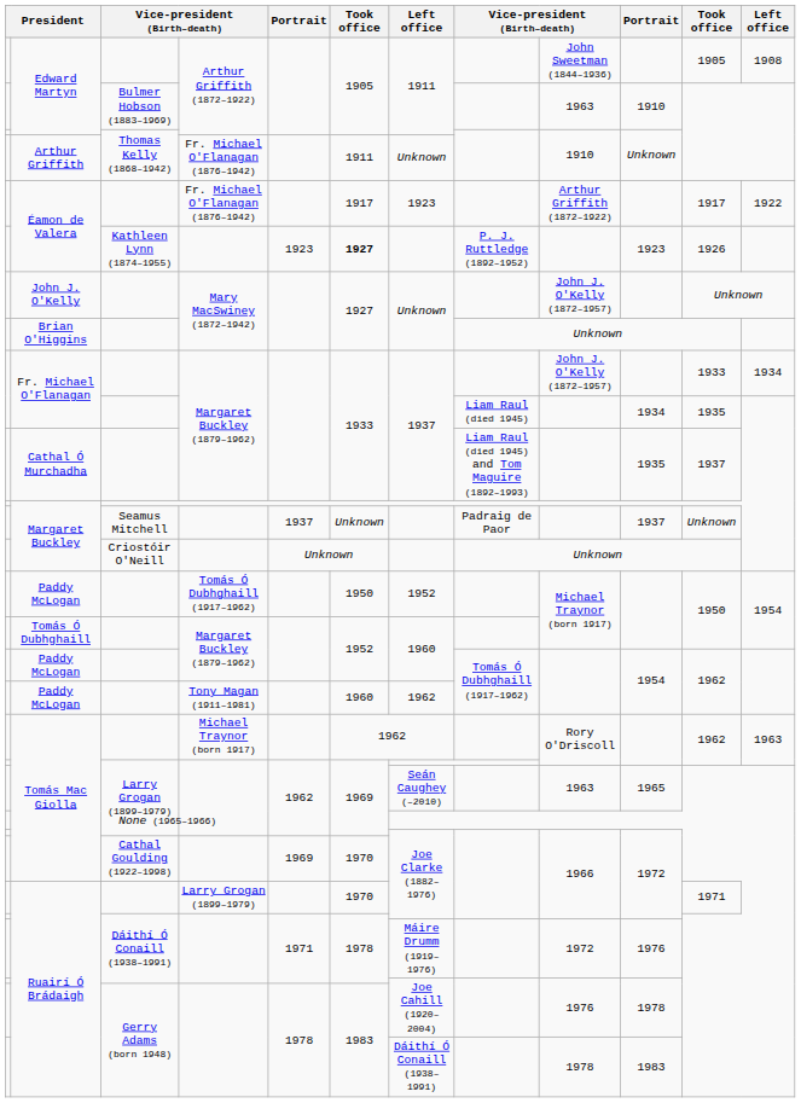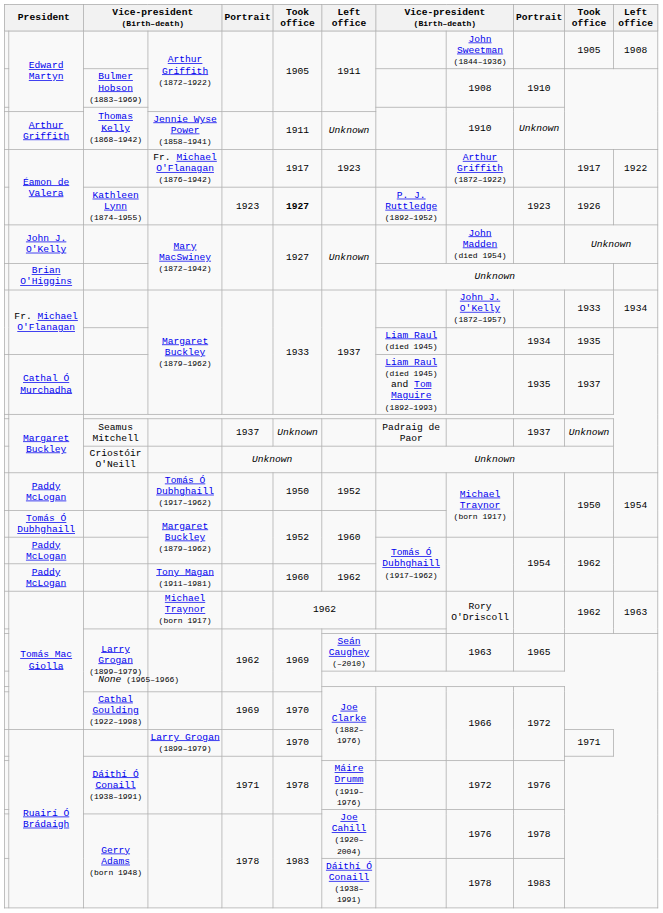 <table class="wikitable" style="margin: 1em auto 1em auto; text-align: center;">
 <tr bgcolor=cccccc>
 <th colspan=2>President</th>
 <th colspan=2>Vice-president<br><small>(Birth–death)</small></th>
 <th>Portrait</th>
 <th>Took office</th>
 <th>Left office</th>
 <th colspan=2>Vice-president<br><small>(Birth–death)</small></th>
 <th>Portrait</th>
 <th>Took office</th>
 <th>Left office</th>
 </tr>
 <tr>
 <td style="background:"></td>
 <td rowspan=3><a href='#'>Edward Martyn</a></td>
 <td style="background:"></td>
 <td rowspan=3><a href='#'>Arthur Griffith</a><br><small>(1872–1922)</small></td>
 <td rowspan=3></td>
 <td rowspan=3>1905</td>
 <td rowspan=3>1911</td>
 <td style="background:"></td>
 <td><a href='#'>John Sweetman</a><br><small>(1844–1936)</small></td>
 <td></td>
 <td>1905</td>
 <td>1908</td>
 </tr>
 <tr>
 <td style="background:"></td>
 <td><a href='#'>Bulmer Hobson</a><br><small>(1883–1969)</small></td>
 <td></td>
-<td>1963</td>
+<td>1908</td>
 <td>1910</td>
 </tr>
 <tr>
 <td style="background:"></td>
 <td rowspan=2><a href='#'>Thomas Kelly</a><br><small>(1868–1942)</small></td>
 <td rowspan=2></td>
 <td rowspan=2>1910</td>
 <td rowspan=2><em>Unknown</em></td>
 </tr>
 <tr>
 <td style="background:"></td>
 <td><a href='#'>Arthur Griffith</a></td>
-<td>Fr. <a href='#'>Michael O'Flanagan</a><br><small>(1876–1942)</small></td>
+<td><a href='#'>Jennie Wyse Power</a><br><small>(1858–1941)</small></td>
 <td></td>
 <td>1911</td>
 <td><em>Unknown</em></td>
 </tr>
 <tr>
 <td style="background:"></td>
 <td rowspan=2><a href='#'>Éamon de Valera</a></td>
 <td style="background:"></td>
 <td>Fr. <a href='#'>Michael O'Flanagan</a><br><small>(1876–1942)</small></td>
 <td></td>
 <td>1917</td>
 <td>1923</td>
 <td style="background:"></td>
 <td><a href='#'>Arthur Griffith</a><br><small>(1872–1922)</small></td>
 <td></td>
 <td>1917</td>
 <td>1922</td>
 </tr>
 <tr>
 <td style="background:"></td>
 <td><a href='#'>Kathleen Lynn</a><br><small>(1874–1955)</small></td>
 <td></td>
 <td>1923</td>
 <td><strong>1927</strong></td>
 <td style="background:"></td>
 <td><a href='#'>P. J. Ruttledge</a><br><small>(1892–1952)</small></td>
 <td></td>
 <td>1923</td>
 <td>1926</td>
 </tr>
 <tr>
 <td style="background:"></td>
 <td><a href='#'>John J. O'Kelly</a></td>
 <td style="background:"></td>
 <td rowspan=2><a href='#'>Mary MacSwiney</a><br><small>(1872–1942)</small></td>
 <td rowspan=2></td>
 <td rowspan=2>1927</td>
 <td rowspan=2><em>Unknown</em></td>
 <td style="background:"></td>
-<td><a href='#'>John J. O'Kelly</a><br><small>(1872–1957)</small></td>
+<td><a href='#'>John Madden</a><br><small>(died 1954)</small></td>
 <td></td>
 <td colspan=2><em>Unknown</em></td>
 </tr>
 <tr>
 <td style="background:"></td>
 <td><a href='#'>Brian O'Higgins</a></td>
 <td></td>
 <td colspan=4><em>Unknown</em></td>
 </tr>
 <tr>
 <td rowspan=2 style="background:"></td>
 <td rowspan=2>Fr. <a href='#'>Michael O'Flanagan</a></td>
 <td style="background:"></td>
 <td rowspan=3><a href='#'>Margaret Buckley</a><br><small>(1879–1962)</small></td>
 <td rowspan=3></td>
 <td rowspan=3>1933</td>
 <td rowspan=3>1937</td>
 <td style="background:"></td>
 <td><a href='#'>John J. O'Kelly</a><br><small>(1872–1957)</small></td>
 <td></td>
 <td>1933</td>
 <td>1934</td>
 </tr>
 <tr>
 <td style="background:"></td>
 <td><a href='#'>Liam Raul</a><br><small>(died 1945)</small></td>
 <td></td>
 <td>1934</td>
 <td>1935</td>
 </tr>
 <tr>
 <td style="background:"></td>
 <td><a href='#'>Cathal Ó Murchadha</a></td>
 <td style="background:"></td>
 <td><a href='#'>Liam Raul</a><br><small>(died 1945)</small><br> and <a href='#'>Tom Maguire</a><br><small>(1892–1993)</small></td>
 <td></td>
 <td>1935</td>
 <td>1937</td>
 </tr>
 <tr>
 <td style="background:"></td>
 <td rowspan=3><a href='#'>Margaret Buckley</a></td>
 </tr>
 <tr>
 <td style="background:"></td>
 <td>Seamus Mitchell</td>
 <td></td>
 <td>1937</td>
 <td><em>Unknown</em></td>
 <td style="background:"></td>
 <td>Padraig de Paor</td>
 <td></td>
 <td>1937</td>
 <td><em>Unknown</em></td>
 </tr>
 <tr>
 <td style="background:"></td>
 <td>Criostóir O'Neill</td>
 <td></td>
 <td colspan=2><em>Unknown</em></td>
 <td></td>
 <td colspan=4><em>Unknown</em></td>
 </tr>
 <tr>
 <td style="background:"></td>
 <td><a href='#'>Paddy McLogan</a></td>
 <td style="background:"></td>
 <td><a href='#'>Tomás Ó Dubhghaill</a><br><small>(1917–1962)</small></td>
 <td></td>
 <td>1950</td>
 <td>1952</td>
 <td style="background:"></td>
 <td rowspan=2><a href='#'>Michael Traynor</a><br><small>(born 1917)</small></td>
 <td rowspan=2></td>
 <td rowspan=2>1950</td>
 <td rowspan=2>1954</td>
 </tr>
 <tr>
 <td style="background:"></td>
 <td><a href='#'>Tomás Ó Dubhghaill</a></td>
 <td style="background:"></td>
 <td rowspan=2><a href='#'>Margaret Buckley</a><br><small>(1879–1962)</small></td>
 <td rowspan=2></td>
 <td rowspan=2>1952</td>
 <td rowspan=2>1960</td>
 </tr>
 <tr>
 <td style="background:"></td>
 <td><a href='#'>Paddy McLogan</a></td>
 <td style="background:"></td>
 <td rowspan=2><a href='#'>Tomás Ó Dubhghaill</a><br><small>(1917–1962)</small></td>
 <td rowspan=2></td>
 <td rowspan=2>1954</td>
 <td rowspan=2>1962</td>
 </tr>
 <tr>
 <td style="background:"></td>
 <td><a href='#'>Paddy McLogan</a></td>
 <td style="background:"></td>
 <td><a href='#'>Tony Magan</a><br><small>(1911–1981)</small></td>
 <td></td>
 <td>1960</td>
 <td>1962</td>
 </tr>
 <tr>
 <td style="background:"></td>
 <td rowspan=6><a href='#'>Tomás Mac Giolla</a></td>
 <td style="background:"></td>
 <td><a href='#'>Michael Traynor</a><br><small>(born 1917)</small></td>
 <td></td>
 <td colspan=2>1962</td>
 <td style="background:"></td>
 <td rowspan=2>Rory O'Driscoll</td>
 <td rowspan=2></td>
 <td rowspan=2>1962</td>
 <td rowspan=2>1963</td>
 </tr>
 <tr>
 <td style="background:"></td>
 <td rowspan=4><a href='#'>Larry Grogan</a><br><small>(1899–1979)</small></td>
 <td rowspan=4></td>
 <td rowspan=4>1962</td>
 <td rowspan=4>1969</td>
 </tr>
 <tr>
 <td style="background:"></td>
 <td><a href='#'>Seán Caughey</a><br><small>(–2010)</small></td>
 <td></td>
 <td>1963</td>
 <td>1965</td>
 </tr>
 <tr>
 <td colspan=5><em>None</em><small> (1965–1966)</small></td>
 </tr>
 <tr>
 <td style="background:"></td>
 <td rowspan=4><a href='#'>Joe Clarke</a><br><small>(1882–1976)</small></td>
 <td rowspan=4></td>
 <td rowspan=4>1966</td>
 <td rowspan=4>1972</td>
 </tr>
 <tr>
 <td style="background:"></td>
 <td><a href='#'>Cathal Goulding</a><br><small>(1922–1998)</small></td>
 <td></td>
 <td>1969</td>
 <td>1970</td>
 </tr>
 <tr>
 <td style="background:"></td>
 <td rowspan=6><a href='#'>Ruairí Ó Brádaigh</a></td>
 <td style="background:"></td>
 <td><a href='#'>Larry Grogan</a><br><small>(1899–1979)</small></td>
 <td></td>
 <td>1970</td>
 <td>1971</td>
 </tr>
 <tr>
 <td style="background:"></td>
 <td rowspan=3><a href='#'>Dáithí Ó Conaill</a><br><small>(1938–1991)</small></td>
 <td rowspan=3></td>
 <td rowspan=3>1971</td>
 <td rowspan=3>1978</td>
 </tr>
 <tr>
 <td style="background:"></td>
 <td><a href='#'>Máire Drumm</a><br><small>(1919–1976)</small><br></td>
 <td rowspan=1></td>
 <td rowspan=1>1972</td>
 <td rowspan=1>1976</td>
 </tr>
 <tr>
 <td style="background:"></td>
 <td rowspan=2><a href='#'>Joe Cahill</a><br><small>(1920–2004)</small></td>
 <td rowspan=2></td>
 <td rowspan=2>1976</td>
 <td rowspan=2>1978</td>
 </tr>
 <tr>
 <td style="background:"></td>
 <td rowspan=2><a href='#'>Gerry Adams</a><br><small>(born 1948)</small></td>
 <td rowspan=2></td>
 <td rowspan=2>1978</td>
 <td rowspan=2>1983</td>
 </tr>
 <tr>
 <td style="background:"></td>
 <td><a href='#'>Dáithí Ó Conaill</a><br><small>(1938–1991)</small></td>
 <td></td>
 <td>1978</td>
 <td>1983</td>
 </tr>
 </table>
